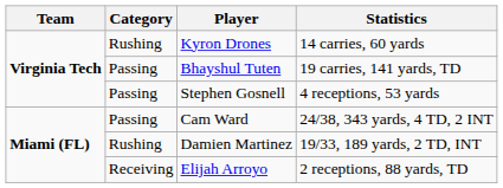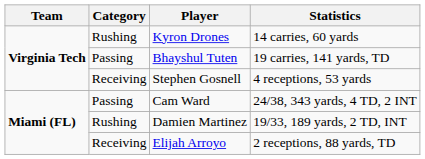 <table class="wikitable" style="float: right;">
 <tr>
 <th>Team</th>
 <th>Category</th>
 <th>Player</th>
 <th>Statistics</th>
 </tr>
 <tr>
 <td rowspan=3><strong>Virginia Tech</strong></td>
 <td>Rushing</td>
 <td><a href='#'>Kyron Drones</a></td>
 <td>14 carries, 60 yards</td>
 </tr>
 <tr>
 <td>Passing</td>
 <td><a href='#'>Bhayshul Tuten</a></td>
 <td>19 carries, 141 yards, TD</td>
 </tr>
 <tr>
-<td>Passing</td>
+<td>Receiving</td>
 <td>Stephen Gosnell</td>
 <td>4 receptions, 53 yards</td>
 </tr>
 <tr>
 <td rowspan=3><strong>Miami (FL)</strong></td>
 <td>Passing</td>
 <td>Cam Ward</td>
 <td>24/38, 343 yards, 4 TD, 2 INT</td>
 </tr>
 <tr>
 <td>Rushing</td>
 <td>Damien Martinez</td>
 <td>19/33, 189 yards, 2 TD, INT</td>
 </tr>
 <tr>
 <td>Receiving</td>
 <td><a href='#'>Elijah Arroyo</a></td>
 <td>2 receptions, 88 yards, TD</td>
 </tr>
 </table>
